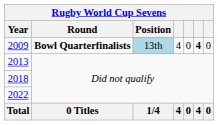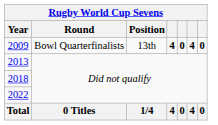 <table class="wikitable" style="text-align: center;">
 <tr>
 <th colspan=7><a href='#'>Rugby World Cup Sevens</a></th>
 </tr>
 <tr>
 <th>Year</th>
 <th>Round</th>
 <th>Position</th>
 <th></th>
 <th></th>
 <th></th>
 <th></th>
 </tr>
 <tr>
 <td> <a href='#'>2009</a></td>
-<td><strong>Bowl Quarterfinalists</strong></td>
-<td style="background: lightblue;">13th</td>
-<td>4</td>
-<td>0</td>
+<td>Bowl Quarterfinalists</td>
+<td>13th</td>
 <td><strong>4</strong></td>
-<td>0</td>
+<td><strong>0</strong></td>
+<td><strong>4</strong></td>
+<td><strong>0</strong></td>
 </tr>
 <tr>
 <td> <a href='#'>2013</a></td>
 <td colspan="6" rowspan="3"><em>Did not qualify</em></td>
 </tr>
 <tr>
 <td> <a href='#'>2018</a></td>
 </tr>
 <tr>
 <td> <a href='#'>2022</a></td>
 </tr>
 <tr>
 <th>Total</th>
 <th>0 Titles</th>
 <th>1/4</th>
 <th>4</th>
 <th>0</th>
 <th>4</th>
 <th>0</th>
 </tr>
 </table>
